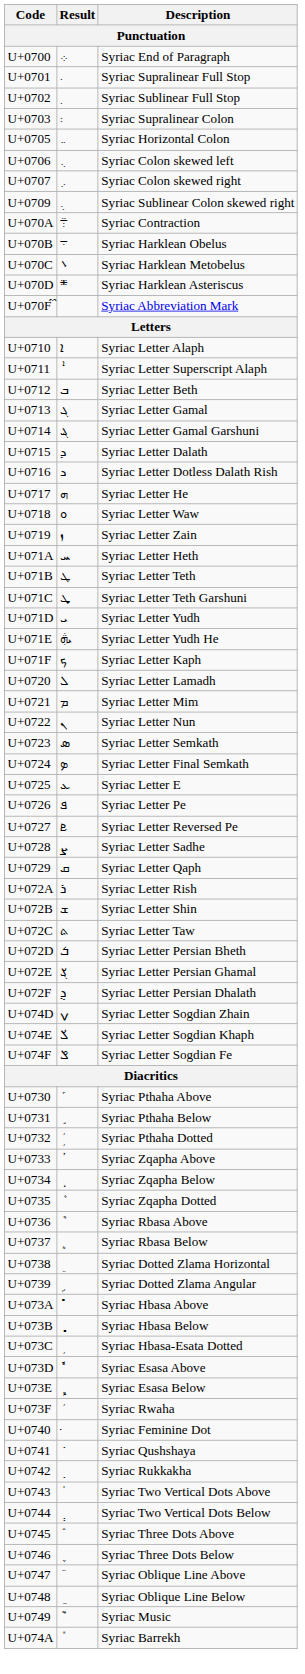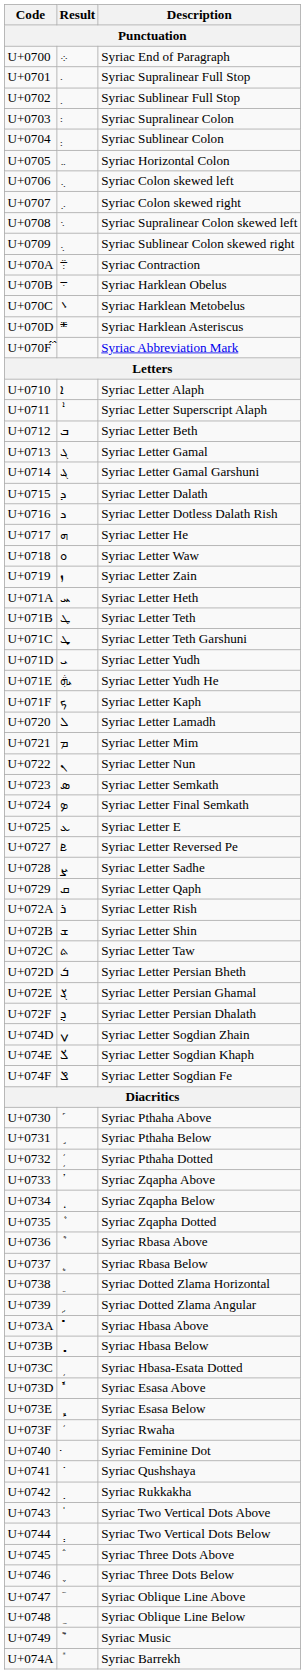 <table class="wikitable sortable collapsible">
 <tr>
 <th>Code</th>
 <th>Result</th>
 <th>Description</th>
 </tr>
 <tr>
 <th colspan=3 align=center>Punctuation</th>
 </tr>
 <tr>
 <td>U+0700</td>
 <td>܀</td>
 <td>Syriac End of Paragraph</td>
 </tr>
 <tr>
 <td>U+0701</td>
 <td>܁</td>
 <td>Syriac Supralinear Full Stop</td>
 </tr>
 <tr>
 <td>U+0702</td>
 <td>܂</td>
 <td>Syriac Sublinear Full Stop</td>
 </tr>
 <tr>
 <td>U+0703</td>
 <td>܃</td>
 <td>Syriac Supralinear Colon</td>
 </tr>
 <tr>
+<td>U+0704</td>
+<td>܄</td>
+<td>Syriac Sublinear Colon</td>
+</tr>
+<tr>
 <td>U+0705</td>
 <td>܅</td>
 <td>Syriac Horizontal Colon</td>
 </tr>
 <tr>
 <td>U+0706</td>
 <td>܆</td>
 <td>Syriac Colon skewed left</td>
 </tr>
 <tr>
 <td>U+0707</td>
 <td>܇</td>
 <td>Syriac Colon skewed right</td>
+</tr>
+<tr>
+<td>U+0708</td>
+<td>܈</td>
+<td>Syriac Supralinear Colon skewed left</td>
 </tr>
 <tr>
 <td>U+0709</td>
 <td>܉</td>
 <td>Syriac Sublinear Colon skewed right</td>
 </tr>
 <tr>
 <td>U+070A</td>
 <td>܊</td>
 <td>Syriac Contraction</td>
 </tr>
 <tr>
 <td>U+070B</td>
 <td>܋</td>
 <td>Syriac Harklean Obelus</td>
 </tr>
 <tr>
 <td>U+070C</td>
 <td>܌</td>
 <td>Syriac Harklean Metobelus</td>
 </tr>
 <tr>
 <td>U+070D</td>
 <td>܍</td>
 <td>Syriac Harklean Asteriscus</td>
 </tr>
 <tr>
 <td>U+070F</td>
 <td>܏</td>
 <td><a href='#'>Syriac Abbreviation Mark</a></td>
 </tr>
 <tr>
 <th colspan=3 align=center>Letters</th>
 </tr>
 <tr>
 <td>U+0710</td>
 <td>ܐ</td>
 <td>Syriac Letter Alaph</td>
 </tr>
 <tr>
 <td>U+0711</td>
 <td>ܑ</td>
 <td>Syriac Letter Superscript Alaph</td>
 </tr>
 <tr>
 <td>U+0712</td>
 <td>ܒ</td>
 <td>Syriac Letter Beth</td>
 </tr>
 <tr>
 <td>U+0713</td>
 <td>ܓ</td>
 <td>Syriac Letter Gamal</td>
 </tr>
 <tr>
 <td>U+0714</td>
 <td>ܔ</td>
 <td>Syriac Letter Gamal Garshuni</td>
 </tr>
 <tr>
 <td>U+0715</td>
 <td>ܕ</td>
 <td>Syriac Letter Dalath</td>
 </tr>
 <tr>
 <td>U+0716</td>
 <td>ܖ</td>
 <td>Syriac Letter Dotless Dalath Rish</td>
 </tr>
 <tr>
 <td>U+0717</td>
 <td>ܗ</td>
 <td>Syriac Letter He</td>
 </tr>
 <tr>
 <td>U+0718</td>
 <td>ܘ</td>
 <td>Syriac Letter Waw</td>
 </tr>
 <tr>
 <td>U+0719</td>
 <td>ܙ</td>
 <td>Syriac Letter Zain</td>
 </tr>
 <tr>
 <td>U+071A</td>
 <td>ܚ</td>
 <td>Syriac Letter Heth</td>
 </tr>
 <tr>
 <td>U+071B</td>
 <td>ܛ</td>
 <td>Syriac Letter Teth</td>
 </tr>
 <tr>
 <td>U+071C</td>
 <td>ܜ</td>
 <td>Syriac Letter Teth Garshuni</td>
 </tr>
 <tr>
 <td>U+071D</td>
 <td>ܝ</td>
 <td>Syriac Letter Yudh</td>
 </tr>
 <tr>
 <td>U+071E</td>
 <td>ܞ</td>
 <td>Syriac Letter Yudh He</td>
 </tr>
 <tr>
 <td>U+071F</td>
 <td>ܟ</td>
 <td>Syriac Letter Kaph</td>
 </tr>
 <tr>
 <td>U+0720</td>
 <td>ܠ</td>
 <td>Syriac Letter Lamadh</td>
 </tr>
 <tr>
 <td>U+0721</td>
 <td>ܡ</td>
 <td>Syriac Letter Mim</td>
 </tr>
 <tr>
 <td>U+0722</td>
 <td>ܢ</td>
 <td>Syriac Letter Nun</td>
 </tr>
 <tr>
 <td>U+0723</td>
 <td>ܣ</td>
 <td>Syriac Letter Semkath</td>
 </tr>
 <tr>
 <td>U+0724</td>
 <td>ܤ</td>
 <td>Syriac Letter Final Semkath</td>
 </tr>
 <tr>
 <td>U+0725</td>
 <td>ܥ</td>
 <td>Syriac Letter E</td>
-</tr>
-<tr>
-<td>U+0726</td>
-<td>ܦ</td>
-<td>Syriac Letter Pe</td>
 </tr>
 <tr>
 <td>U+0727</td>
 <td>ܧ</td>
 <td>Syriac Letter Reversed Pe</td>
 </tr>
 <tr>
 <td>U+0728</td>
 <td>ܨ</td>
 <td>Syriac Letter Sadhe</td>
 </tr>
 <tr>
 <td>U+0729</td>
 <td>ܩ</td>
 <td>Syriac Letter Qaph</td>
 </tr>
 <tr>
 <td>U+072A</td>
 <td>ܪ</td>
 <td>Syriac Letter Rish</td>
 </tr>
 <tr>
 <td>U+072B</td>
 <td>ܫ</td>
 <td>Syriac Letter Shin</td>
 </tr>
 <tr>
 <td>U+072C</td>
 <td>ܬ</td>
 <td>Syriac Letter Taw</td>
 </tr>
 <tr>
 <td>U+072D</td>
 <td>ܭ</td>
 <td>Syriac Letter Persian Bheth</td>
 </tr>
 <tr>
 <td>U+072E</td>
 <td>ܮ</td>
 <td>Syriac Letter Persian Ghamal</td>
 </tr>
 <tr>
 <td>U+072F</td>
 <td>ܯ</td>
 <td>Syriac Letter Persian Dhalath</td>
 </tr>
 <tr>
 <td>U+074D</td>
 <td>ݍ</td>
 <td>Syriac Letter Sogdian Zhain</td>
 </tr>
 <tr>
 <td>U+074E</td>
 <td>ݎ</td>
 <td>Syriac Letter Sogdian Khaph</td>
 </tr>
 <tr>
 <td>U+074F</td>
 <td>ݏ</td>
 <td>Syriac Letter Sogdian Fe</td>
 </tr>
 <tr>
 <th colspan=3 align=center>Diacritics</th>
 </tr>
 <tr>
 <td>U+0730</td>
 <td>ܰ</td>
 <td>Syriac Pthaha Above</td>
 </tr>
 <tr>
 <td>U+0731</td>
 <td>ܱ</td>
 <td>Syriac Pthaha Below</td>
 </tr>
 <tr>
 <td>U+0732</td>
 <td>ܲ</td>
 <td>Syriac Pthaha Dotted</td>
 </tr>
 <tr>
 <td>U+0733</td>
 <td>ܳ</td>
 <td>Syriac Zqapha Above</td>
 </tr>
 <tr>
 <td>U+0734</td>
 <td>ܴ</td>
 <td>Syriac Zqapha Below</td>
 </tr>
 <tr>
 <td>U+0735</td>
 <td>ܵ</td>
 <td>Syriac Zqapha Dotted</td>
 </tr>
 <tr>
 <td>U+0736</td>
 <td>ܶ</td>
 <td>Syriac Rbasa Above</td>
 </tr>
 <tr>
 <td>U+0737</td>
 <td>ܷ</td>
 <td>Syriac Rbasa Below</td>
 </tr>
 <tr>
 <td>U+0738</td>
 <td>ܸ</td>
 <td>Syriac Dotted Zlama Horizontal</td>
 </tr>
 <tr>
 <td>U+0739</td>
 <td>ܹ</td>
 <td>Syriac Dotted Zlama Angular</td>
 </tr>
 <tr>
 <td>U+073A</td>
 <td>ܺ</td>
 <td>Syriac Hbasa Above</td>
 </tr>
 <tr>
 <td>U+073B</td>
 <td>ܻ</td>
 <td>Syriac Hbasa Below</td>
 </tr>
 <tr>
 <td>U+073C</td>
 <td>ܼ</td>
 <td>Syriac Hbasa-Esata Dotted</td>
 </tr>
 <tr>
 <td>U+073D</td>
 <td>ܽ</td>
 <td>Syriac Esasa Above</td>
 </tr>
 <tr>
 <td>U+073E</td>
 <td>ܾ</td>
 <td>Syriac Esasa Below</td>
 </tr>
 <tr>
 <td>U+073F</td>
 <td>ܿ</td>
 <td>Syriac Rwaha</td>
 </tr>
 <tr>
 <td>U+0740</td>
 <td>݀</td>
 <td>Syriac Feminine Dot</td>
 </tr>
 <tr>
 <td>U+0741</td>
 <td>݁</td>
 <td>Syriac Qushshaya</td>
 </tr>
 <tr>
 <td>U+0742</td>
 <td>݂</td>
 <td>Syriac Rukkakha</td>
 </tr>
 <tr>
 <td>U+0743</td>
 <td>݃</td>
 <td>Syriac Two Vertical Dots Above</td>
 </tr>
 <tr>
 <td>U+0744</td>
 <td>݄</td>
 <td>Syriac Two Vertical Dots Below</td>
 </tr>
 <tr>
 <td>U+0745</td>
 <td>݅</td>
 <td>Syriac Three Dots Above</td>
 </tr>
 <tr>
 <td>U+0746</td>
 <td>݆</td>
 <td>Syriac Three Dots Below</td>
 </tr>
 <tr>
 <td>U+0747</td>
 <td>݇</td>
 <td>Syriac Oblique Line Above</td>
 </tr>
 <tr>
 <td>U+0748</td>
 <td>݈</td>
 <td>Syriac Oblique Line Below</td>
 </tr>
 <tr>
 <td>U+0749</td>
 <td>݉</td>
 <td>Syriac Music</td>
 </tr>
 <tr>
 <td>U+074A</td>
 <td>݊</td>
 <td>Syriac Barrekh</td>
 </tr>
 </table>
